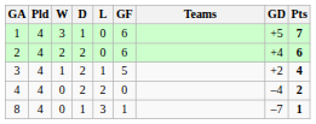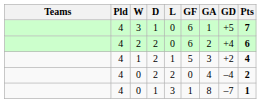 <table class="wikitable" style="text-align: center;">
 <tr>
-<th width=20>GA</th>
+<th width=165>Teams</th>
 <th width=20>Pld</th>
 <th width=20>W</th>
 <th width=20>D</th>
 <th width=20>L</th>
 <th width=20>GF</th>
-<th width=165>Teams</th>
+<th width=20>GA</th>
 <th width=20>GD</th>
 <th width=20>Pts</th>
 </tr>
 <tr align=center style="background:#ccffcc;">
-<td>1</td>
+<td style="text-align:left;"></td>
 <td>4</td>
 <td>3</td>
 <td>1</td>
 <td>0</td>
 <td>6</td>
-<td style="text-align:left;"></td>
+<td>1</td>
 <td>+5</td>
 <td><strong>7</strong></td>
 </tr>
 <tr align=center style="background:#ccffcc;">
-<td>2</td>
+<td style="text-align:left;"></td>
 <td>4</td>
 <td>2</td>
 <td>2</td>
 <td>0</td>
 <td>6</td>
-<td style="text-align:left;"></td>
+<td>2</td>
 <td>+4</td>
 <td><strong>6</strong></td>
 </tr>
 <tr align=center>
-<td>3</td>
+<td style="text-align:left;"></td>
 <td>4</td>
 <td>1</td>
 <td>2</td>
 <td>1</td>
 <td>5</td>
-<td style="text-align:left;"></td>
+<td>3</td>
 <td>+2</td>
 <td><strong>4</strong></td>
 </tr>
 <tr align=center>
-<td>4</td>
+<td style="text-align:left;"></td>
 <td>4</td>
 <td>0</td>
 <td>2</td>
 <td>2</td>
 <td>0</td>
-<td style="text-align:left;"></td>
+<td>4</td>
 <td>–4</td>
 <td><strong>2</strong></td>
 </tr>
 <tr align=center>
-<td>8</td>
+<td style="text-align:left;"></td>
 <td>4</td>
 <td>0</td>
 <td>1</td>
 <td>3</td>
 <td>1</td>
-<td style="text-align:left;"></td>
+<td>8</td>
 <td>–7</td>
 <td><strong>1</strong></td>
 </tr>
 </table>
